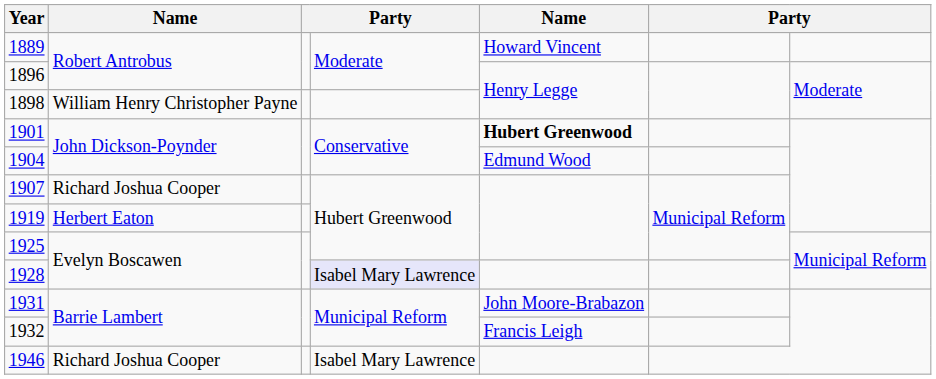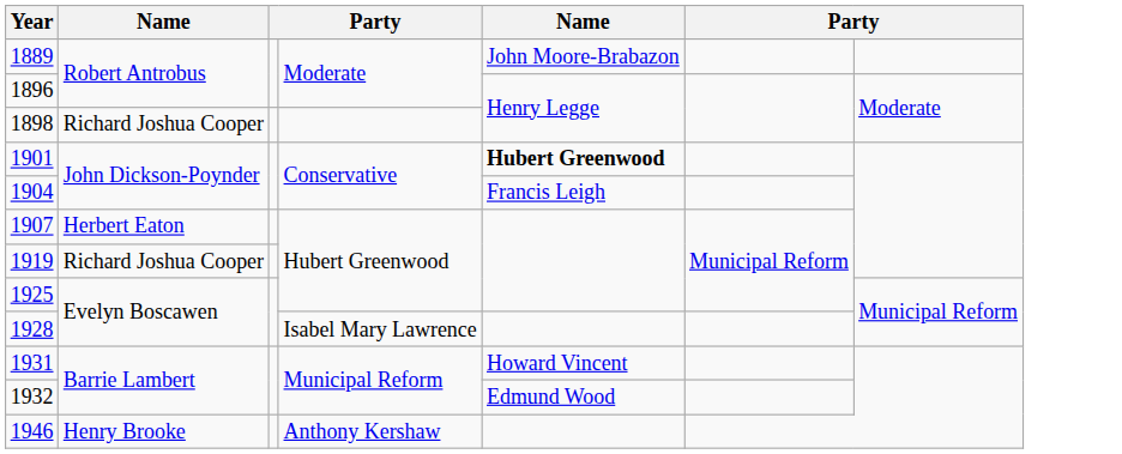 <table class="wikitable">
 <tr>
 <th>Year</th>
 <th>Name</th>
 <th colspan=2>Party</th>
 <th>Name</th>
 <th colspan=2>Party</th>
 </tr>
 <tr>
 <td><a href='#'>1889</a></td>
 <td rowspan=2><a href='#'>Robert Antrobus</a></td>
 <td rowspan=2 style="background-color: "></td>
 <td rowspan=2><a href='#'>Moderate</a></td>
-<td><a href='#'>Howard Vincent</a></td>
+<td><a href='#'>John Moore-Brabazon</a></td>
 <td></td>
 </tr>
 <tr>
 <td>1896</td>
 <td rowspan=2><a href='#'>Henry Legge</a></td>
 <td rowspan=2 style="background-color: "></td>
 <td rowspan=2><a href='#'>Moderate</a></td>
 </tr>
 <tr>
 <td>1898</td>
-<td>William Henry Christopher Payne</td>
+<td>Richard Joshua Cooper</td>
 <td></td>
 </tr>
 <tr>
 <td><a href='#'>1901</a></td>
 <td rowspan=2><a href='#'>John Dickson-Poynder</a></td>
 <td rowspan=2 style="background-color: "></td>
 <td rowspan=2><a href='#'>Conservative</a></td>
 <td><strong>Hubert Greenwood</strong></td>
 <td></td>
 </tr>
 <tr>
 <td><a href='#'>1904</a></td>
-<td><a href='#'>Edmund Wood</a></td>
+<td><a href='#'>Francis Leigh</a></td>
 <td></td>
 </tr>
 <tr>
 <td><a href='#'>1907</a></td>
-<td>Richard Joshua Cooper</td>
+<td><a href='#'>Herbert Eaton</a></td>
 <td></td>
 <td rowspan=3>Hubert Greenwood</td>
 <td rowspan=3 style="background-color: "></td>
 <td rowspan=3><a href='#'>Municipal Reform</a></td>
 </tr>
 <tr>
 <td><a href='#'>1919</a></td>
-<td><a href='#'>Herbert Eaton</a></td>
+<td>Richard Joshua Cooper</td>
 <td></td>
 </tr>
 <tr>
 <td><a href='#'>1925</a></td>
 <td rowspan=2>Evelyn Boscawen</td>
 <td rowspan=2 style="background-color: "></td>
 <td rowspan=2><a href='#'>Municipal Reform</a></td>
 </tr>
 <tr>
 <td><a href='#'>1928</a></td>
-<td style="background: lavender;">Isabel Mary Lawrence</td>
+<td>Isabel Mary Lawrence</td>
 <td></td>
 </tr>
 <tr>
 <td><a href='#'>1931</a></td>
 <td rowspan=2><a href='#'>Barrie Lambert</a></td>
 <td rowspan=2 style="background-color: "></td>
 <td rowspan=2><a href='#'>Municipal Reform</a></td>
-<td><a href='#'>John Moore-Brabazon</a></td>
+<td><a href='#'>Howard Vincent</a></td>
 <td></td>
 </tr>
 <tr>
 <td>1932</td>
-<td><a href='#'>Francis Leigh</a></td>
+<td><a href='#'>Edmund Wood</a></td>
 <td></td>
 </tr>
 <tr>
 <td><a href='#'>1946</a></td>
-<td>Richard Joshua Cooper</td>
+<td><a href='#'>Henry Brooke</a></td>
 <td></td>
-<td>Isabel Mary Lawrence</td>
+<td><a href='#'>Anthony Kershaw</a></td>
 <td></td>
 </tr>
 </table>
